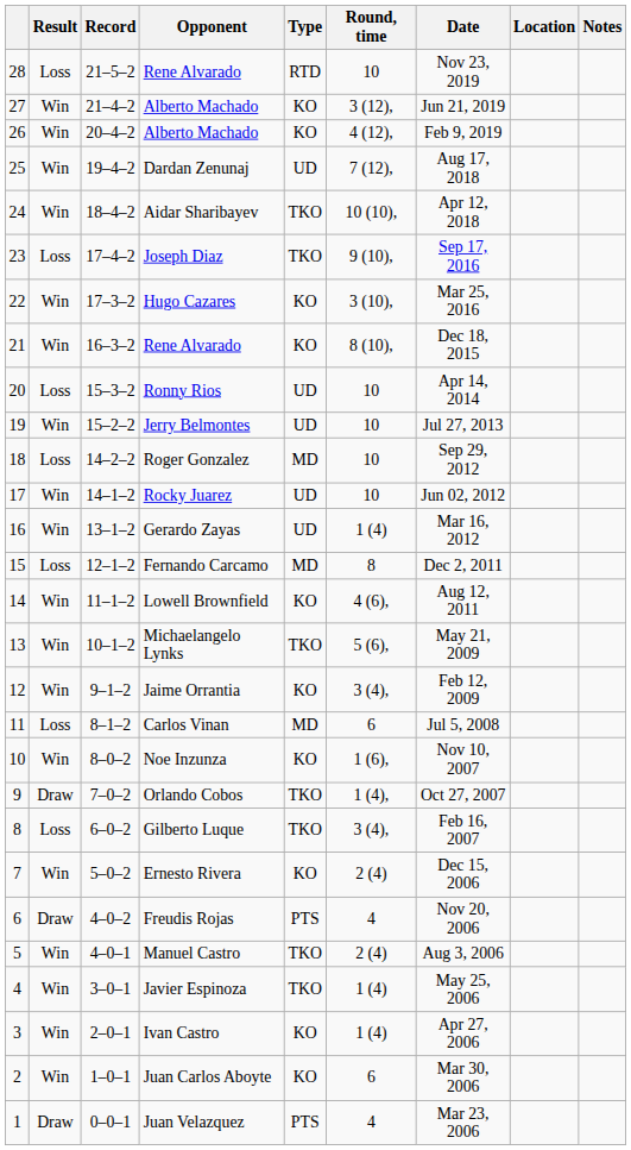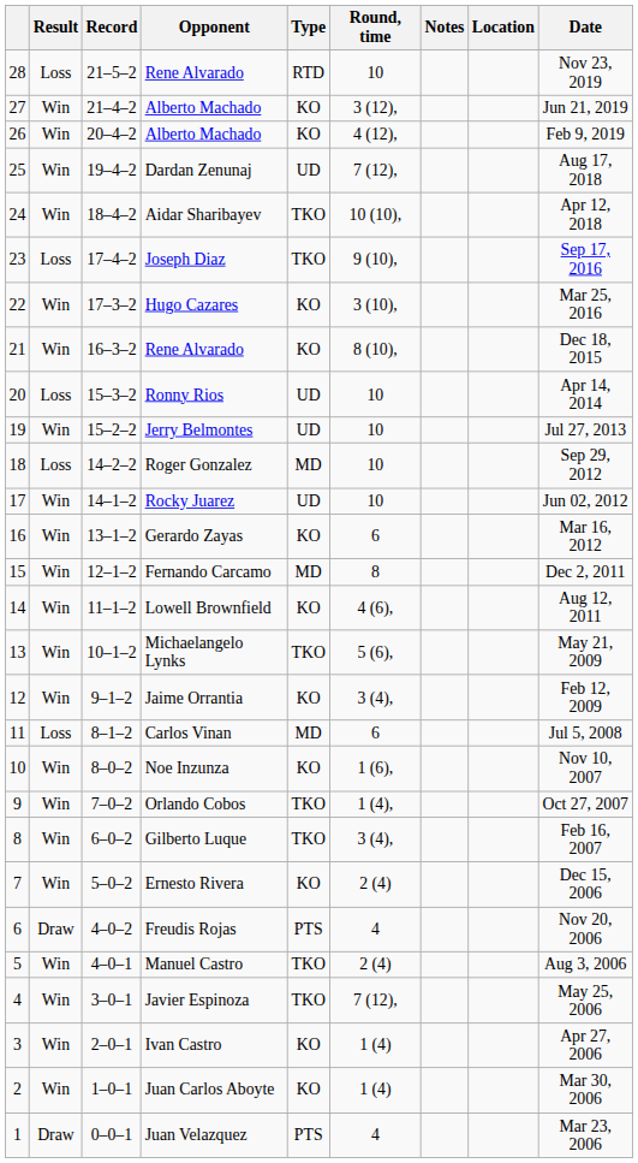 <table class="wikitable" style="text-align:center">
 <tr>
 <th></th>
 <th>Result</th>
 <th>Record</th>
 <th>Opponent</th>
 <th>Type</th>
 <th>Round, time</th>
+<th>Notes</th>
+<th>Location</th>
 <th>Date</th>
-<th>Location</th>
-<th>Notes</th>
 </tr>
 <tr>
 <td>28</td>
 <td>Loss</td>
 <td>21–5–2</td>
 <td align=left><a href='#'>Rene Alvarado</a></td>
 <td>RTD</td>
 <td>10</td>
-<td>Nov 23, 2019</td>
 <td align=left></td>
 <td align=left></td>
+<td>Nov 23, 2019</td>
 </tr>
 <tr>
 <td>27</td>
 <td>Win</td>
 <td>21–4–2</td>
 <td align=left><a href='#'>Alberto Machado</a></td>
 <td>KO</td>
 <td>3 (12), </td>
-<td>Jun 21, 2019</td>
 <td align=left></td>
 <td align=left></td>
+<td>Jun 21, 2019</td>
 </tr>
 <tr>
 <td>26</td>
 <td>Win</td>
 <td>20–4–2</td>
 <td align=left><a href='#'>Alberto Machado</a></td>
 <td>KO</td>
 <td>4 (12), </td>
-<td>Feb 9, 2019</td>
 <td align=left></td>
 <td align=left></td>
+<td>Feb 9, 2019</td>
 </tr>
 <tr>
 <td>25</td>
 <td>Win</td>
 <td>19–4–2</td>
 <td align=left>Dardan Zenunaj</td>
 <td>UD</td>
 <td>7 (12), </td>
-<td>Aug 17, 2018</td>
 <td align=left></td>
 <td align=left></td>
+<td>Aug 17, 2018</td>
 </tr>
 <tr>
 <td>24</td>
 <td>Win</td>
 <td>18–4–2</td>
 <td align=left>Aidar Sharibayev</td>
 <td>TKO</td>
 <td>10 (10), </td>
-<td>Apr 12, 2018</td>
 <td align=left></td>
 <td align=left></td>
+<td>Apr 12, 2018</td>
 </tr>
 <tr>
 <td>23</td>
 <td>Loss</td>
 <td>17–4–2</td>
 <td align=left><a href='#'>Joseph Diaz</a></td>
 <td>TKO</td>
 <td>9 (10), </td>
-<td><a href='#'>Sep 17, 2016</a></td>
 <td align=left></td>
 <td align=left></td>
+<td><a href='#'>Sep 17, 2016</a></td>
 </tr>
 <tr>
 <td>22</td>
 <td>Win</td>
 <td>17–3–2</td>
 <td align=left><a href='#'>Hugo Cazares</a></td>
 <td>KO</td>
 <td>3 (10), </td>
-<td>Mar 25, 2016</td>
 <td align=left></td>
 <td align=left></td>
+<td>Mar 25, 2016</td>
 </tr>
 <tr>
 <td>21</td>
 <td>Win</td>
 <td>16–3–2</td>
 <td align=left><a href='#'>Rene Alvarado</a></td>
 <td>KO</td>
 <td>8 (10), </td>
-<td>Dec 18, 2015</td>
 <td align=left></td>
 <td align=left></td>
+<td>Dec 18, 2015</td>
 </tr>
 <tr>
 <td>20</td>
 <td>Loss</td>
 <td>15–3–2</td>
 <td align=left><a href='#'>Ronny Rios</a></td>
 <td>UD</td>
 <td>10</td>
-<td>Apr 14, 2014</td>
 <td align=left></td>
 <td align=left></td>
+<td>Apr 14, 2014</td>
 </tr>
 <tr>
 <td>19</td>
 <td>Win</td>
 <td>15–2–2</td>
 <td align=left><a href='#'>Jerry Belmontes</a></td>
 <td>UD</td>
 <td>10</td>
-<td>Jul 27, 2013</td>
 <td align=left></td>
 <td align=left></td>
+<td>Jul 27, 2013</td>
 </tr>
 <tr>
 <td>18</td>
 <td>Loss</td>
 <td>14–2–2</td>
 <td align=left>Roger Gonzalez</td>
 <td>MD</td>
 <td>10</td>
-<td>Sep 29, 2012</td>
 <td align=left></td>
 <td align=left></td>
+<td>Sep 29, 2012</td>
 </tr>
 <tr>
 <td>17</td>
 <td>Win</td>
 <td>14–1–2</td>
 <td align=left><a href='#'>Rocky Juarez</a></td>
 <td>UD</td>
 <td>10</td>
-<td>Jun 02, 2012</td>
 <td align=left></td>
 <td align=left></td>
+<td>Jun 02, 2012</td>
 </tr>
 <tr>
 <td>16</td>
 <td>Win</td>
 <td>13–1–2</td>
 <td align=left>Gerardo Zayas</td>
-<td>UD</td>
-<td>1 (4)</td>
-<td>Mar 16, 2012</td>
+<td>KO</td>
+<td>6</td>
 <td align=left></td>
 <td align=left></td>
+<td>Mar 16, 2012</td>
 </tr>
 <tr>
 <td>15</td>
-<td>Loss</td>
+<td>Win</td>
 <td>12–1–2</td>
 <td align=left>Fernando Carcamo</td>
 <td>MD</td>
 <td>8</td>
-<td>Dec 2, 2011</td>
 <td align=left></td>
 <td align=left></td>
+<td>Dec 2, 2011</td>
 </tr>
 <tr>
 <td>14</td>
 <td>Win</td>
 <td>11–1–2</td>
 <td align=left>Lowell Brownfield</td>
 <td>KO</td>
 <td>4 (6), </td>
-<td>Aug 12, 2011</td>
 <td align=left></td>
 <td align=left></td>
+<td>Aug 12, 2011</td>
 </tr>
 <tr>
 <td>13</td>
 <td>Win</td>
 <td>10–1–2</td>
 <td align=left>Michaelangelo Lynks</td>
 <td>TKO</td>
 <td>5 (6), </td>
-<td>May 21, 2009</td>
 <td align=left></td>
 <td align=left></td>
+<td>May 21, 2009</td>
 </tr>
 <tr>
 <td>12</td>
 <td>Win</td>
 <td>9–1–2</td>
 <td align=left>Jaime Orrantia</td>
 <td>KO</td>
 <td>3 (4), </td>
-<td>Feb 12, 2009</td>
 <td align=left></td>
 <td align=left></td>
+<td>Feb 12, 2009</td>
 </tr>
 <tr>
 <td>11</td>
 <td>Loss</td>
 <td>8–1–2</td>
 <td align=left>Carlos Vinan</td>
 <td>MD</td>
 <td>6</td>
-<td>Jul 5, 2008</td>
 <td align=left></td>
 <td align=left></td>
+<td>Jul 5, 2008</td>
 </tr>
 <tr>
 <td>10</td>
 <td>Win</td>
 <td>8–0–2</td>
 <td align=left>Noe Inzunza</td>
 <td>KO</td>
 <td>1 (6), </td>
-<td>Nov 10, 2007</td>
 <td align=left></td>
 <td align=left></td>
+<td>Nov 10, 2007</td>
 </tr>
 <tr>
 <td>9</td>
-<td>Draw</td>
+<td>Win</td>
 <td>7–0–2</td>
 <td align=left>Orlando Cobos</td>
 <td>TKO</td>
 <td>1 (4), </td>
-<td>Oct 27, 2007</td>
 <td align=left></td>
 <td align=left></td>
+<td>Oct 27, 2007</td>
 </tr>
 <tr>
 <td>8</td>
-<td>Loss</td>
+<td>Win</td>
 <td>6–0–2</td>
 <td align=left>Gilberto Luque</td>
 <td>TKO</td>
 <td>3 (4), </td>
-<td>Feb 16, 2007</td>
 <td align=left></td>
 <td align=left></td>
+<td>Feb 16, 2007</td>
 </tr>
 <tr>
 <td>7</td>
 <td>Win</td>
 <td>5–0–2</td>
 <td align=left>Ernesto Rivera</td>
 <td>KO</td>
 <td>2 (4)</td>
-<td>Dec 15, 2006</td>
 <td align=left></td>
 <td align=left></td>
+<td>Dec 15, 2006</td>
 </tr>
 <tr>
 <td>6</td>
 <td>Draw</td>
 <td>4–0–2</td>
 <td align=left>Freudis Rojas</td>
 <td>PTS</td>
 <td>4</td>
-<td>Nov 20, 2006</td>
 <td align=left></td>
 <td align=left></td>
+<td>Nov 20, 2006</td>
 </tr>
 <tr>
 <td>5</td>
 <td>Win</td>
 <td>4–0–1</td>
 <td align=left>Manuel Castro</td>
 <td>TKO</td>
 <td>2 (4)</td>
-<td>Aug 3, 2006</td>
 <td align=left></td>
 <td align=left></td>
+<td>Aug 3, 2006</td>
 </tr>
 <tr>
 <td>4</td>
 <td>Win</td>
 <td>3–0–1</td>
 <td align=left>Javier Espinoza</td>
 <td>TKO</td>
-<td>1 (4)</td>
-<td>May 25, 2006</td>
+<td>7 (12), </td>
 <td align=left></td>
 <td align=left></td>
+<td>May 25, 2006</td>
 </tr>
 <tr>
 <td>3</td>
 <td>Win</td>
 <td>2–0–1</td>
 <td align=left>Ivan Castro</td>
 <td>KO</td>
 <td>1 (4)</td>
-<td>Apr 27, 2006</td>
 <td align=left></td>
 <td align=left></td>
+<td>Apr 27, 2006</td>
 </tr>
 <tr>
 <td>2</td>
 <td>Win</td>
 <td>1–0–1</td>
 <td align=left>Juan Carlos Aboyte</td>
 <td>KO</td>
-<td>6</td>
-<td>Mar 30, 2006</td>
+<td>1 (4)</td>
 <td align=left></td>
 <td align=left></td>
+<td>Mar 30, 2006</td>
 </tr>
 <tr>
 <td>1</td>
 <td>Draw</td>
 <td>0–0–1</td>
 <td align=left>Juan Velazquez</td>
 <td>PTS</td>
 <td>4</td>
+<td></td>
+<td align=left></td>
 <td>Mar 23, 2006</td>
-<td align=left></td>
-<td></td>
 </tr>
 </table>
